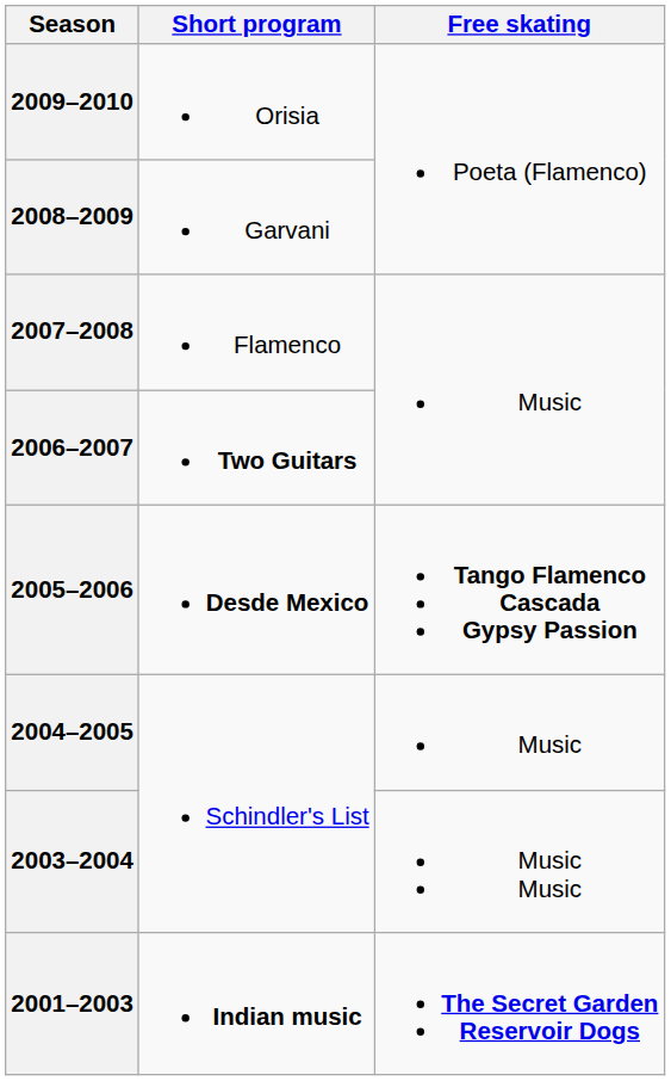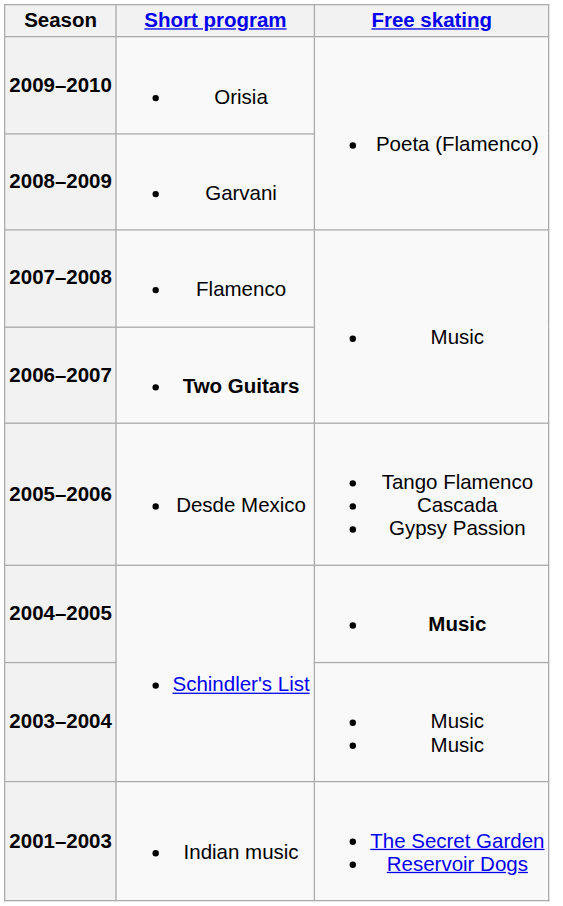 <table class=wikitable style=text-align:center>
 <tr>
 <th>Season</th>
 <th><a href='#'>Short program</a></th>
 <th><a href='#'>Free skating</a></th>
 </tr>
 <tr>
 <th>2009–2010 <br> </th>
 <td><br><ul><li>Orisia</li></ul></td>
 <td rowspan=2><br><ul><li>Poeta (Flamenco) <br></li></ul></td>
 </tr>
 <tr>
 <th>2008–2009 <br> </th>
 <td><br><ul><li>Garvani <br></li></ul></td>
 </tr>
 <tr>
 <th>2007–2008 <br> </th>
 <td><br><ul><li>Flamenco <br></li></ul></td>
 <td rowspan=2><br><ul><li>Music <br></li></ul></td>
 </tr>
 <tr>
 <th>2006–2007 <br> </th>
 <td><strong><br><ul><li>Two Guitars <br></li></ul></strong></td>
 </tr>
 <tr>
 <th>2005–2006 <br> </th>
-<td><strong><br><ul><li>Desde Mexico <br></li></ul></strong></td>
-<td><strong><br><ul><li>Tango Flamenco <br></li><li>Cascada <br></li><li>Gypsy Passion <br></li></ul></strong></td>
+<td><br><ul><li>Desde Mexico <br></li></ul></td>
+<td><br><ul><li>Tango Flamenco <br></li><li>Cascada <br></li><li>Gypsy Passion <br></li></ul></td>
 </tr>
 <tr>
 <th>2004–2005 <br> </th>
 <td rowspan=2><br><ul><li><a href='#'>Schindler's List</a> <br></li></ul></td>
-<td><br><ul><li>Music <br></li></ul></td>
+<td><strong><br><ul><li>Music <br></li></ul></strong></td>
 </tr>
 <tr>
 <th>2003–2004 <br> </th>
 <td><br><ul><li>Music <br></li><li>Music <br></li></ul></td>
 </tr>
 <tr>
 <th>2001–2003 <br> </th>
-<td><strong><br><ul><li>Indian music</li></ul></strong></td>
-<td><strong><br><ul><li><a href='#'>The Secret Garden</a> <br></li><li><a href='#'>Reservoir Dogs</a></li></ul></strong></td>
+<td><br><ul><li>Indian music</li></ul></td>
+<td><br><ul><li><a href='#'>The Secret Garden</a> <br></li><li><a href='#'>Reservoir Dogs</a></li></ul></td>
 </tr>
 </table>
